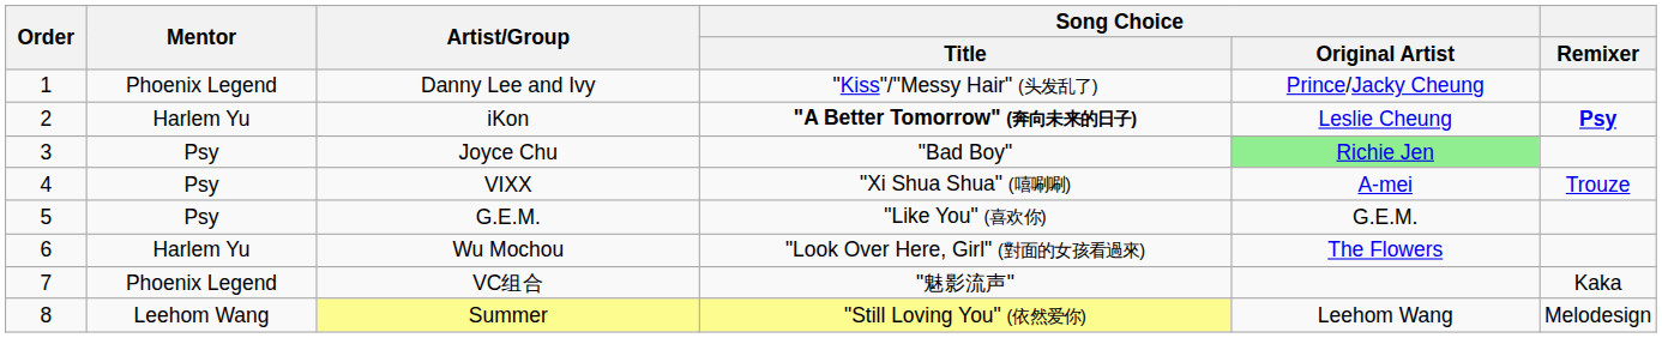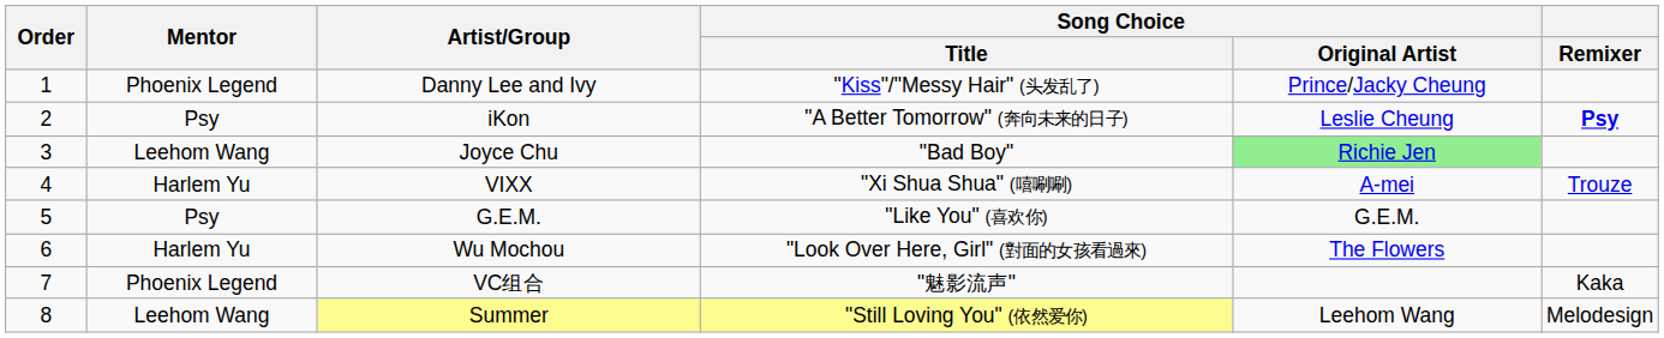 <table class="wikitable" style="text-align:center; line-height:17px; font-size:100%; width:100%;">
 <tr>
 <th scope="col" rowspan="2" width="05%">Order</th>
 <th scope="col" rowspan="2" width="15%">Mentor</th>
 <th scope="col" rowspan="2" width="25%">Artist/Group</th>
 <th scope="col" colspan="2">Song Choice</th>
 <th></th>
 </tr>
 <tr>
 <th scope="col" width="35%">Title</th>
 <th scope="col" width="20%">Original Artist</th>
 <th>Remixer</th>
 </tr>
 <tr>
 <td scope="row">1</td>
 <td scope="row">Phoenix Legend</td>
 <td scope="row">Danny Lee and Ivy</td>
 <td scope="row">"<a href='#'>Kiss</a>"/"Messy Hair" <small>(头发乱了)</small></td>
 <td scope="row"><a href='#'>Prince</a>/<a href='#'>Jacky Cheung</a></td>
 <td></td>
 </tr>
 <tr>
 <td scope="row">2</td>
-<td scope="row">Harlem Yu</td>
+<td scope="row">Psy</td>
 <td scope="row">iKon</td>
-<td scope="row"><strong>"A Better Tomorrow" <small>(奔向未来的日子)</small></strong></td>
+<td scope="row">"A Better Tomorrow" <small>(奔向未来的日子)</small></td>
 <td scope="row"><a href='#'>Leslie Cheung</a></td>
 <td><strong><a href='#'>Psy</a></strong></td>
 </tr>
 <tr>
 <td scope="row">3</td>
-<td scope="row">Psy</td>
+<td scope="row">Leehom Wang</td>
 <td scope="row">Joyce Chu</td>
 <td scope="row">"Bad Boy"</td>
 <td scope="row" style="background: lightgreen;"><a href='#'>Richie Jen</a></td>
 <td></td>
 </tr>
 <tr>
 <td scope="row">4</td>
-<td scope="row">Psy</td>
+<td scope="row">Harlem Yu</td>
 <td scope="row">VIXX</td>
 <td scope="row">"Xi Shua Shua" <small>(嘻唰唰)</small></td>
 <td scope="row"><a href='#'>A-mei</a></td>
 <td><a href='#'>Trouze</a></td>
 </tr>
 <tr>
 <td scope="row">5</td>
 <td scope="row">Psy</td>
 <td scope="row">G.E.M.</td>
 <td scope="row">"Like You" <small>(喜欢你)</small></td>
 <td scope="row">G.E.M.</td>
 <td></td>
 </tr>
 <tr>
 <td scope="row">6</td>
 <td scope="row">Harlem Yu</td>
 <td scope="row">Wu Mochou</td>
 <td scope="row">"Look Over Here, Girl" <small>(對面的女孩看過來)</small></td>
 <td scope="row"><a href='#'>The Flowers</a></td>
 <td></td>
 </tr>
 <tr>
 <td scope="row">7</td>
 <td scope="row">Phoenix Legend</td>
 <td scope="row">VC组合</td>
 <td scope="row">"魅影流声"</td>
 <td scope="row"></td>
 <td>Kaka</td>
 </tr>
 <tr>
 <td scope="row">8</td>
 <td scope="row">Leehom Wang</td>
 <td style="background:#fdfc8f; scope:row">Summer</td>
 <td style="background:#fdfc8f; scope:row">"Still Loving You" <small>(依然爱你)</small></td>
 <td scope="row">Leehom Wang</td>
 <td>Melodesign</td>
 </tr>
 </table>
